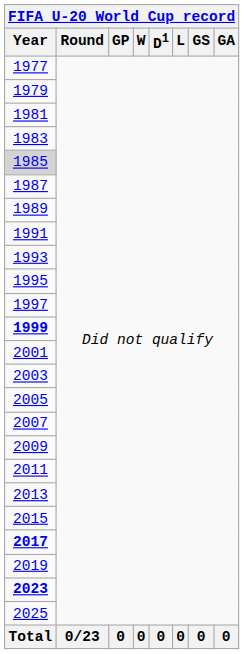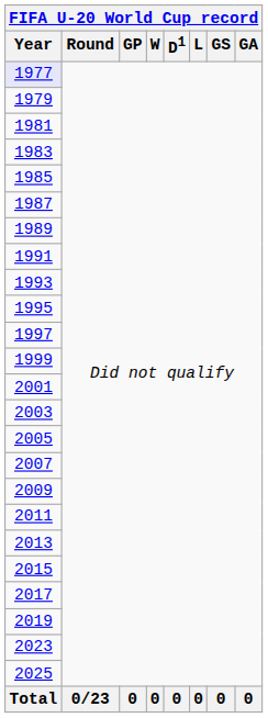 <table class="wikitable" style="text-align: center;">
 <tr>
 <th colspan=8><a href='#'>FIFA U-20 World Cup record</a></th>
 </tr>
 <tr>
 <th>Year</th>
 <th>Round</th>
 <th>GP</th>
 <th>W</th>
 <th>D<sup>1</sup></th>
 <th>L</th>
 <th>GS</th>
 <th>GA</th>
 </tr>
 <tr>
-<td> <a href='#'>1977</a></td>
+<td style="background: lavender;"> <a href='#'>1977</a></td>
 <td colspan=7 rowspan=24><em>Did not qualify</em></td>
 </tr>
 <tr>
 <td> <a href='#'>1979</a></td>
 </tr>
 <tr>
 <td> <a href='#'>1981</a></td>
 </tr>
 <tr>
 <td> <a href='#'>1983</a></td>
 </tr>
 <tr>
-<td style="background: lightgrey;"> <a href='#'>1985</a></td>
+<td> <a href='#'>1985</a></td>
 </tr>
 <tr>
 <td> <a href='#'>1987</a></td>
 </tr>
 <tr>
 <td> <a href='#'>1989</a></td>
 </tr>
 <tr>
 <td> <a href='#'>1991</a></td>
 </tr>
 <tr>
 <td> <a href='#'>1993</a></td>
 </tr>
 <tr>
 <td> <a href='#'>1995</a></td>
 </tr>
 <tr>
 <td> <a href='#'>1997</a></td>
 </tr>
 <tr>
-<td><strong> <a href='#'>1999</a></strong></td>
+<td> <a href='#'>1999</a></td>
 </tr>
 <tr>
 <td> <a href='#'>2001</a></td>
 </tr>
 <tr>
 <td> <a href='#'>2003</a></td>
 </tr>
 <tr>
 <td> <a href='#'>2005</a></td>
 </tr>
 <tr>
 <td> <a href='#'>2007</a></td>
 </tr>
 <tr>
 <td> <a href='#'>2009</a></td>
 </tr>
 <tr>
 <td> <a href='#'>2011</a></td>
 </tr>
 <tr>
 <td> <a href='#'>2013</a></td>
 </tr>
 <tr>
 <td> <a href='#'>2015</a></td>
 </tr>
 <tr>
-<td><strong> <a href='#'>2017</a></strong></td>
+<td> <a href='#'>2017</a></td>
 </tr>
 <tr>
 <td> <a href='#'>2019</a></td>
 </tr>
 <tr>
-<td><strong> <a href='#'>2023</a></strong></td>
+<td> <a href='#'>2023</a></td>
 </tr>
 <tr>
 <td> <a href='#'>2025</a></td>
 </tr>
 <tr>
 <th><strong>Total</strong></th>
 <th>0/23</th>
 <th>0</th>
 <th>0</th>
 <th>0</th>
 <th>0</th>
 <th>0</th>
 <th>0</th>
 </tr>
 </table>
